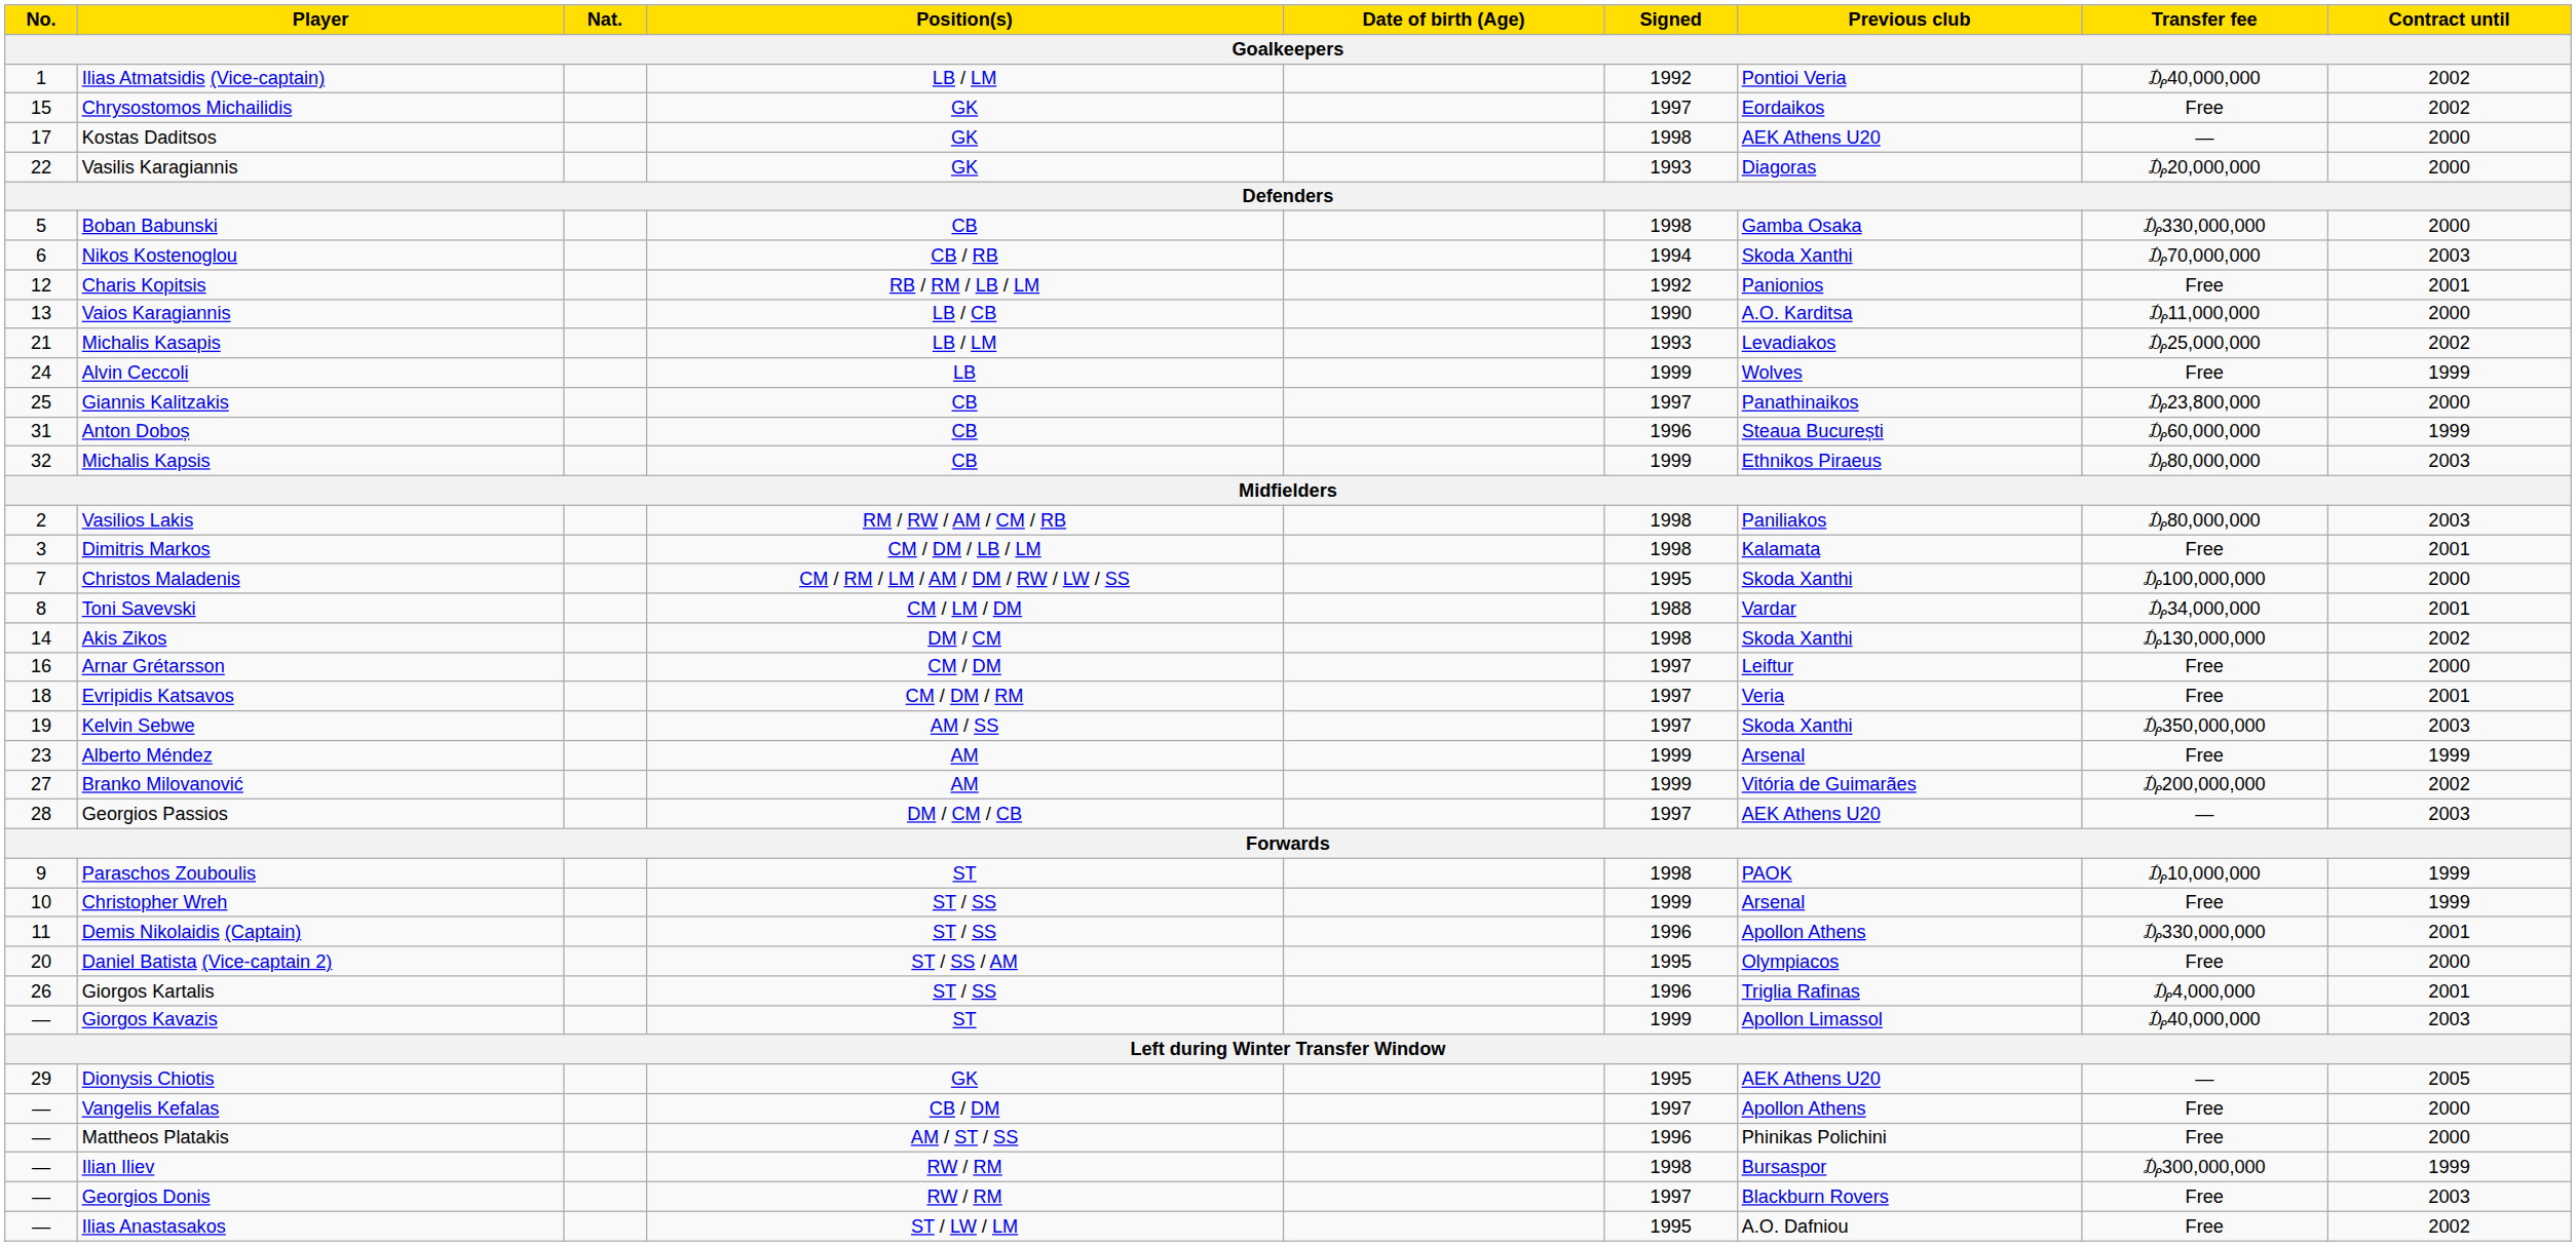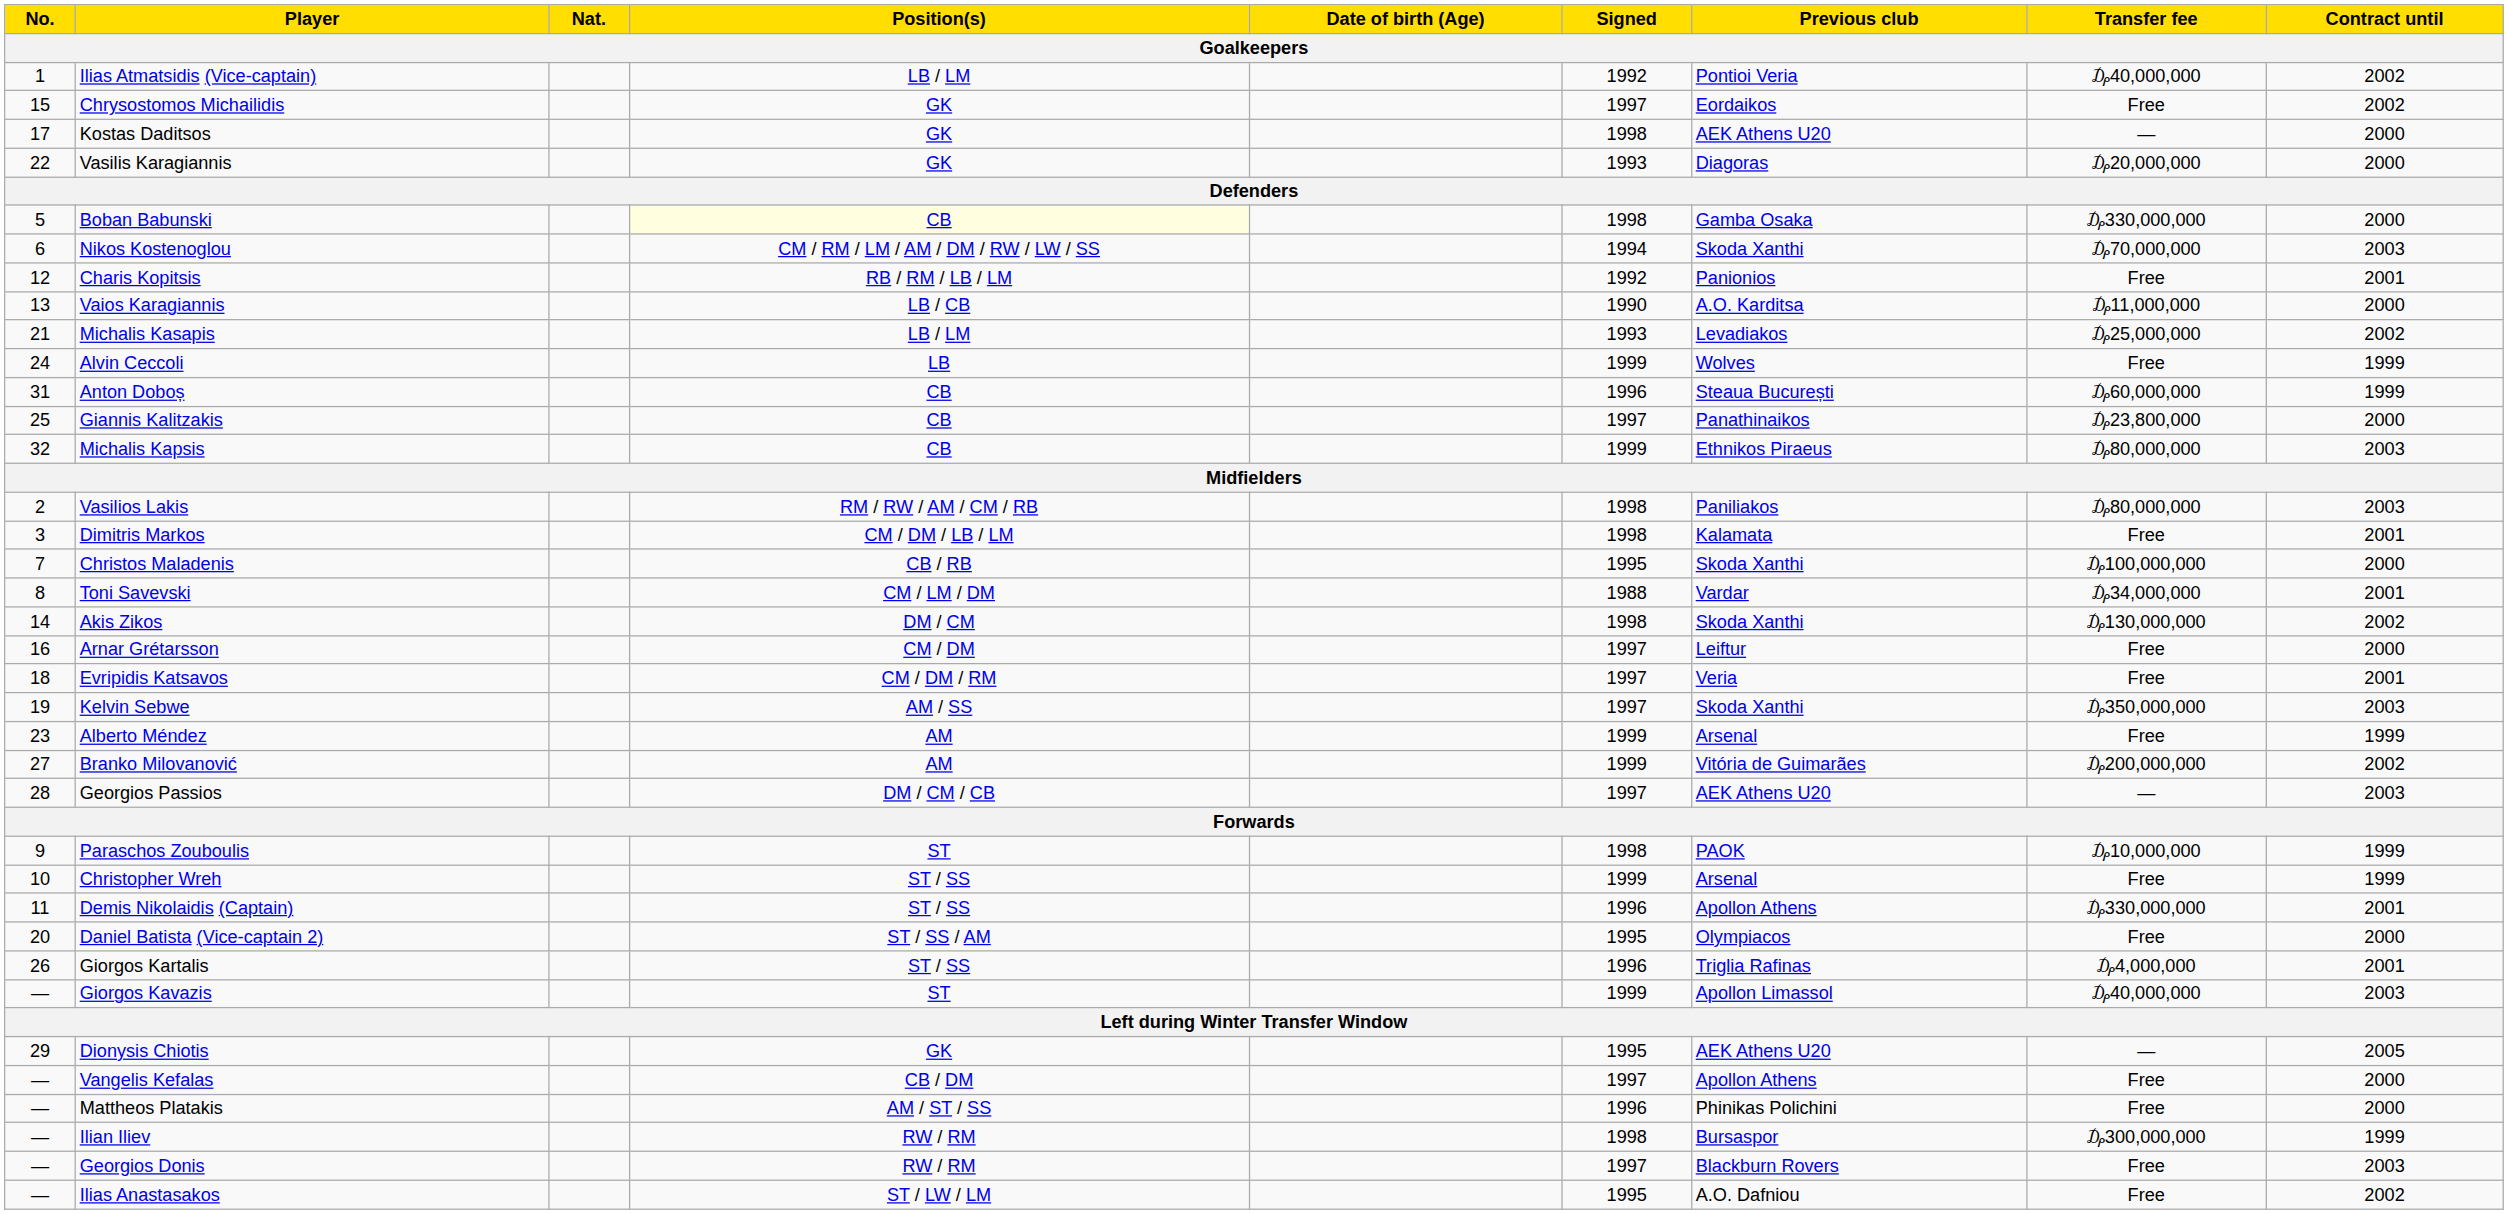 <table class="wikitable" style="text-align:center; font-size:90%; width:100%">
 <tr>
 <th style="background:#FFDE00">No.</th>
 <th style="background:#FFDE00">Player</th>
 <th style="background:#FFDE00">Nat.</th>
 <th style="background:#FFDE00">Position(s)</th>
 <th style="background:#FFDE00">Date of birth (Age)</th>
 <th style="background:#FFDE00">Signed</th>
 <th style="background:#FFDE00">Previous club</th>
 <th style="background:#FFDE00">Transfer fee</th>
 <th style="background:#FFDE00">Contract until</th>
 </tr>
 <tr>
 <th colspan="9">Goalkeepers</th>
 </tr>
 <tr>
 <td>1</td>
 <td align=left><a href='#'>Ilias Atmatsidis</a> <a href='#'>(Vice-captain)</a></td>
 <td></td>
 <td><a href='#'>LB</a> / <a href='#'>LM</a></td>
 <td></td>
 <td>1992</td>
 <td align=left> <a href='#'>Pontioi Veria</a></td>
 <td>₯40,000,000</td>
 <td>2002</td>
 </tr>
 <tr>
 <td>15</td>
 <td align=left><a href='#'>Chrysostomos Michailidis</a></td>
 <td></td>
 <td><a href='#'>GK</a></td>
 <td></td>
 <td>1997</td>
 <td align=left> <a href='#'>Eordaikos</a></td>
 <td>Free</td>
 <td>2002</td>
 </tr>
 <tr>
 <td>17</td>
 <td align=left>Kostas Daditsos</td>
 <td></td>
 <td><a href='#'>GK</a></td>
 <td></td>
 <td>1998</td>
 <td align=left> <a href='#'>AEK Athens U20</a></td>
 <td>—</td>
 <td>2000</td>
 </tr>
 <tr>
 <td>22</td>
 <td align=left>Vasilis Karagiannis</td>
 <td></td>
 <td><a href='#'>GK</a></td>
 <td></td>
 <td>1993</td>
 <td align=left> <a href='#'>Diagoras</a></td>
 <td>₯20,000,000</td>
 <td>2000</td>
 </tr>
 <tr>
 <th colspan="9">Defenders</th>
 </tr>
 <tr>
 <td>5</td>
 <td align=left><a href='#'>Boban Babunski</a></td>
 <td></td>
-<td><a href='#'>CB</a></td>
+<td style="background: lightyellow;"><a href='#'>CB</a></td>
 <td></td>
 <td>1998</td>
 <td align=left> <a href='#'>Gamba Osaka</a></td>
 <td>₯330,000,000</td>
 <td>2000</td>
 </tr>
 <tr>
 <td>6</td>
 <td align=left><a href='#'>Nikos Kostenoglou</a></td>
 <td></td>
-<td><a href='#'>CB</a> / <a href='#'>RB</a></td>
+<td><a href='#'>CM</a> / <a href='#'>RM</a> / <a href='#'>LM</a> / <a href='#'>AM</a> / <a href='#'>DM</a> / <a href='#'>RW</a> / <a href='#'>LW</a> / <a href='#'>SS</a></td>
 <td></td>
 <td>1994</td>
 <td align=left> <a href='#'>Skoda Xanthi</a></td>
 <td>₯70,000,000</td>
 <td>2003</td>
 </tr>
 <tr>
 <td>12</td>
 <td align=left><a href='#'>Charis Kopitsis</a></td>
 <td></td>
 <td><a href='#'>RB</a> / <a href='#'>RM</a> / <a href='#'>LB</a> / <a href='#'>LM</a></td>
 <td></td>
 <td>1992</td>
 <td align=left> <a href='#'>Panionios</a></td>
 <td>Free</td>
 <td>2001</td>
 </tr>
 <tr>
 <td>13</td>
 <td align=left><a href='#'>Vaios Karagiannis</a></td>
 <td></td>
 <td><a href='#'>LB</a> / <a href='#'>CB</a></td>
 <td></td>
 <td>1990</td>
 <td align=left> <a href='#'>A.O. Karditsa</a></td>
 <td>₯11,000,000</td>
 <td>2000</td>
 </tr>
 <tr>
 <td>21</td>
 <td align=left><a href='#'>Michalis Kasapis</a></td>
 <td></td>
 <td><a href='#'>LB</a> / <a href='#'>LM</a></td>
 <td></td>
 <td>1993</td>
 <td align=left> <a href='#'>Levadiakos</a></td>
 <td>₯25,000,000</td>
 <td>2002</td>
 </tr>
 <tr>
 <td>24</td>
 <td align=left><a href='#'>Alvin Ceccoli</a></td>
 <td></td>
 <td><a href='#'>LB</a></td>
 <td></td>
 <td>1999</td>
 <td align=left> <a href='#'>Wolves</a></td>
 <td>Free</td>
 <td>1999</td>
 </tr>
 <tr>
+<td>31</td>
+<td align=left><a href='#'>Anton Doboș</a></td>
+<td></td>
+<td><a href='#'>CB</a></td>
+<td></td>
+<td>1996</td>
+<td align=left> <a href='#'>Steaua București</a></td>
+<td>₯60,000,000</td>
+<td>1999</td>
+</tr>
+<tr>
 <td>25</td>
 <td align=left><a href='#'>Giannis Kalitzakis</a></td>
 <td></td>
 <td><a href='#'>CB</a></td>
 <td></td>
 <td>1997</td>
 <td align=left> <a href='#'>Panathinaikos</a></td>
 <td>₯23,800,000</td>
 <td>2000</td>
-</tr>
-<tr>
-<td>31</td>
-<td align=left><a href='#'>Anton Doboș</a></td>
-<td></td>
-<td><a href='#'>CB</a></td>
-<td></td>
-<td>1996</td>
-<td align=left> <a href='#'>Steaua București</a></td>
-<td>₯60,000,000</td>
-<td>1999</td>
 </tr>
 <tr>
 <td>32</td>
 <td align=left><a href='#'>Michalis Kapsis</a></td>
 <td></td>
 <td><a href='#'>CB</a></td>
 <td></td>
 <td>1999</td>
 <td align=left> <a href='#'>Ethnikos Piraeus</a></td>
 <td>₯80,000,000</td>
 <td>2003</td>
 </tr>
 <tr>
 <th colspan="9">Midfielders</th>
 </tr>
 <tr>
 <td>2</td>
 <td align=left><a href='#'>Vasilios Lakis</a></td>
 <td></td>
 <td><a href='#'>RM</a> / <a href='#'>RW</a> / <a href='#'>AM</a> / <a href='#'>CM</a> / <a href='#'>RB</a></td>
 <td></td>
 <td>1998</td>
 <td align=left> <a href='#'>Paniliakos</a></td>
 <td>₯80,000,000</td>
 <td>2003</td>
 </tr>
 <tr>
 <td>3</td>
 <td align=left><a href='#'>Dimitris Markos</a></td>
 <td></td>
 <td><a href='#'>CM</a> / <a href='#'>DM</a> / <a href='#'>LB</a> / <a href='#'>LM</a></td>
 <td></td>
 <td>1998</td>
 <td align=left> <a href='#'>Kalamata</a></td>
 <td>Free</td>
 <td>2001</td>
 </tr>
 <tr>
 <td>7</td>
 <td align=left><a href='#'>Christos Maladenis</a></td>
 <td></td>
-<td><a href='#'>CM</a> / <a href='#'>RM</a> / <a href='#'>LM</a> / <a href='#'>AM</a> / <a href='#'>DM</a> / <a href='#'>RW</a> / <a href='#'>LW</a> / <a href='#'>SS</a></td>
+<td><a href='#'>CB</a> / <a href='#'>RB</a></td>
 <td></td>
 <td>1995</td>
 <td align=left> <a href='#'>Skoda Xanthi</a></td>
 <td>₯100,000,000</td>
 <td>2000</td>
 </tr>
 <tr>
 <td>8</td>
 <td align=left><a href='#'>Toni Savevski</a></td>
 <td></td>
 <td><a href='#'>CM</a> / <a href='#'>LM</a> / <a href='#'>DM</a></td>
 <td></td>
 <td>1988</td>
 <td align=left> <a href='#'>Vardar</a></td>
 <td>₯34,000,000</td>
 <td>2001</td>
 </tr>
 <tr>
 <td>14</td>
 <td align=left><a href='#'>Akis Zikos</a></td>
 <td></td>
 <td><a href='#'>DM</a> / <a href='#'>CM</a></td>
 <td></td>
 <td>1998</td>
 <td align=left> <a href='#'>Skoda Xanthi</a></td>
 <td>₯130,000,000</td>
 <td>2002</td>
 </tr>
 <tr>
 <td>16</td>
 <td align=left><a href='#'>Arnar Grétarsson</a></td>
 <td></td>
 <td><a href='#'>CM</a> / <a href='#'>DM</a></td>
 <td></td>
 <td>1997</td>
 <td align=left> <a href='#'>Leiftur</a></td>
 <td>Free</td>
 <td>2000</td>
 </tr>
 <tr>
 <td>18</td>
 <td align=left><a href='#'>Evripidis Katsavos</a></td>
 <td></td>
 <td><a href='#'>CM</a> / <a href='#'>DM</a> / <a href='#'>RM</a></td>
 <td></td>
 <td>1997</td>
 <td align=left> <a href='#'>Veria</a></td>
 <td>Free</td>
 <td>2001</td>
 </tr>
 <tr>
 <td>19</td>
 <td align=left><a href='#'>Kelvin Sebwe</a></td>
 <td></td>
 <td><a href='#'>AM</a> / <a href='#'>SS</a></td>
 <td></td>
 <td>1997</td>
 <td align=left> <a href='#'>Skoda Xanthi</a></td>
 <td>₯350,000,000</td>
 <td>2003</td>
 </tr>
 <tr>
 <td>23</td>
 <td align=left><a href='#'>Alberto Méndez</a></td>
 <td></td>
 <td><a href='#'>AM</a></td>
 <td></td>
 <td>1999</td>
 <td align=left> <a href='#'>Arsenal</a></td>
 <td>Free</td>
 <td>1999</td>
 </tr>
 <tr>
 <td>27</td>
 <td align=left><a href='#'>Branko Milovanović</a></td>
 <td></td>
 <td><a href='#'>AM</a></td>
 <td></td>
 <td>1999</td>
 <td align=left> <a href='#'>Vitória de Guimarães</a></td>
 <td>₯200,000,000</td>
 <td>2002</td>
 </tr>
 <tr>
 <td>28</td>
 <td align=left>Georgios Passios</td>
 <td></td>
 <td><a href='#'>DM</a> / <a href='#'>CM</a> / <a href='#'>CB</a></td>
 <td></td>
 <td>1997</td>
 <td align=left> <a href='#'>AEK Athens U20</a></td>
 <td>—</td>
 <td>2003</td>
 </tr>
 <tr>
 <th colspan="9">Forwards</th>
 </tr>
 <tr>
 <td>9</td>
 <td align=left><a href='#'>Paraschos Zouboulis</a></td>
 <td></td>
 <td><a href='#'>ST</a></td>
 <td></td>
 <td>1998</td>
 <td align=left> <a href='#'>PAOK</a></td>
 <td>₯10,000,000</td>
 <td>1999</td>
 </tr>
 <tr>
 <td>10</td>
 <td align=left><a href='#'>Christopher Wreh</a></td>
 <td></td>
 <td><a href='#'>ST</a> / <a href='#'>SS</a></td>
 <td></td>
 <td>1999</td>
 <td align=left> <a href='#'>Arsenal</a></td>
 <td>Free</td>
 <td>1999</td>
 </tr>
 <tr>
 <td>11</td>
 <td align=left><a href='#'>Demis Nikolaidis</a> <a href='#'>(Captain)</a></td>
 <td></td>
 <td><a href='#'>ST</a> / <a href='#'>SS</a></td>
 <td></td>
 <td>1996</td>
 <td align=left> <a href='#'>Apollon Athens</a></td>
 <td>₯330,000,000</td>
 <td>2001</td>
 </tr>
 <tr>
 <td>20</td>
 <td align=left><a href='#'>Daniel Batista</a> <a href='#'>(Vice-captain 2)</a></td>
 <td></td>
 <td><a href='#'>ST</a> / <a href='#'>SS</a> / <a href='#'>AM</a></td>
 <td></td>
 <td>1995</td>
 <td align=left> <a href='#'>Olympiacos</a></td>
 <td>Free</td>
 <td>2000</td>
 </tr>
 <tr>
 <td>26</td>
 <td align=left>Giorgos Kartalis</td>
 <td></td>
 <td><a href='#'>ST</a> / <a href='#'>SS</a></td>
 <td></td>
 <td>1996</td>
 <td align=left> <a href='#'>Triglia Rafinas</a></td>
 <td>₯4,000,000</td>
 <td>2001</td>
 </tr>
 <tr>
 <td>—</td>
 <td align=left><a href='#'>Giorgos Kavazis</a></td>
 <td></td>
 <td><a href='#'>ST</a></td>
 <td></td>
 <td>1999</td>
 <td align=left> <a href='#'>Apollon Limassol</a></td>
 <td>₯40,000,000</td>
 <td>2003</td>
 </tr>
 <tr>
 <th colspan="9">Left during Winter Transfer Window</th>
 </tr>
 <tr>
 <td>29</td>
 <td align=left><a href='#'>Dionysis Chiotis</a></td>
 <td></td>
 <td><a href='#'>GK</a></td>
 <td></td>
 <td>1995</td>
 <td align=left> <a href='#'>AEK Athens U20</a></td>
 <td>—</td>
 <td>2005</td>
 </tr>
 <tr>
 <td>—</td>
 <td align=left><a href='#'>Vangelis Kefalas</a></td>
 <td></td>
 <td><a href='#'>CB</a> / <a href='#'>DM</a></td>
 <td></td>
 <td>1997</td>
 <td align=left> <a href='#'>Apollon Athens</a></td>
 <td>Free</td>
 <td>2000</td>
 </tr>
 <tr>
 <td>—</td>
 <td align=left>Mattheos Platakis</td>
 <td></td>
 <td><a href='#'>AM</a> / <a href='#'>ST</a> / <a href='#'>SS</a></td>
 <td></td>
 <td>1996</td>
 <td align=left> Phinikas Polichini</td>
 <td>Free</td>
 <td>2000</td>
 </tr>
 <tr>
 <td>—</td>
 <td align=left><a href='#'>Ilian Iliev</a></td>
 <td></td>
 <td><a href='#'>RW</a> / <a href='#'>RM</a></td>
 <td></td>
 <td>1998</td>
 <td align=left> <a href='#'>Bursaspor</a></td>
 <td>₯300,000,000</td>
 <td>1999</td>
 </tr>
 <tr>
 <td>—</td>
 <td align=left><a href='#'>Georgios Donis</a></td>
 <td></td>
 <td><a href='#'>RW</a> / <a href='#'>RM</a></td>
 <td></td>
 <td>1997</td>
 <td align=left> <a href='#'>Blackburn Rovers</a></td>
 <td>Free</td>
 <td>2003</td>
 </tr>
 <tr>
 <td>—</td>
 <td align=left><a href='#'>Ilias Anastasakos</a></td>
 <td></td>
 <td><a href='#'>ST</a> / <a href='#'>LW</a> / <a href='#'>LM</a></td>
 <td></td>
 <td>1995</td>
 <td align=left> A.O. Dafniou</td>
 <td>Free</td>
 <td>2002</td>
 </tr>
 </table>
